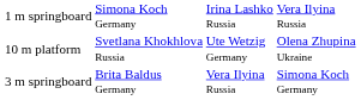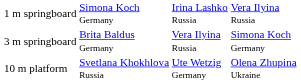 <table>
 <tr>
 <td>1 m springboard</td>
 <td> <a href='#'>Simona Koch</a><br><small>Germany</small></td>
 <td> <a href='#'>Irina Lashko</a><br><small>Russia</small></td>
 <td> <a href='#'>Vera Ilyina</a><br><small>Russia</small></td>
 </tr>
 <tr>
+<td>3 m springboard</td>
+<td> <a href='#'>Brita Baldus</a><br><small>Germany</small></td>
+<td> <a href='#'>Vera Ilyina</a><br><small>Russia</small></td>
+<td> <a href='#'>Simona Koch</a><br><small>Germany</small></td>
+</tr>
+<tr>
 <td>10 m platform</td>
 <td> <a href='#'>Svetlana Khokhlova</a><br><small>Russia</small></td>
 <td> <a href='#'>Ute Wetzig</a><br><small>Germany</small></td>
 <td> <a href='#'>Olena Zhupina</a><br><small>Ukraine</small></td>
 </tr>
-<tr>
-<td>3 m springboard</td>
-<td> <a href='#'>Brita Baldus</a><br><small>Germany</small></td>
-<td> <a href='#'>Vera Ilyina</a><br><small>Russia</small></td>
-<td> <a href='#'>Simona Koch</a><br><small>Germany</small></td>
-</tr>
 </table>
